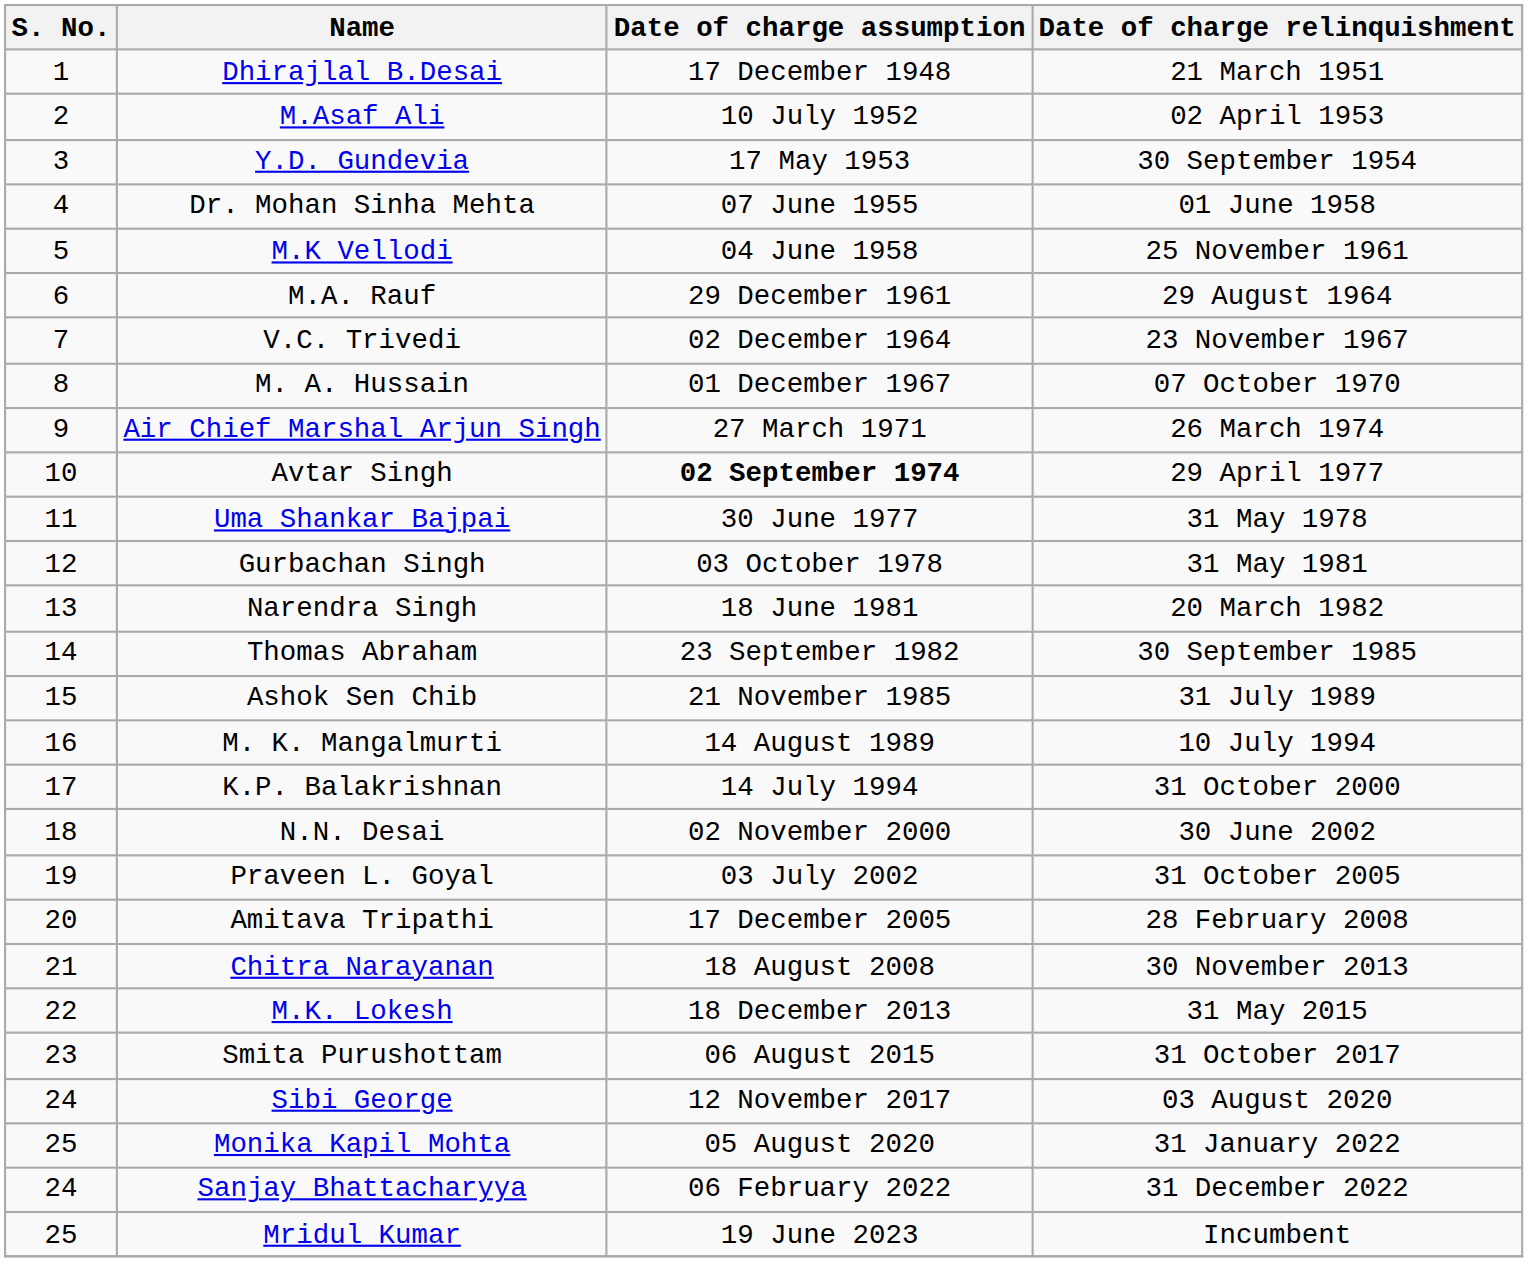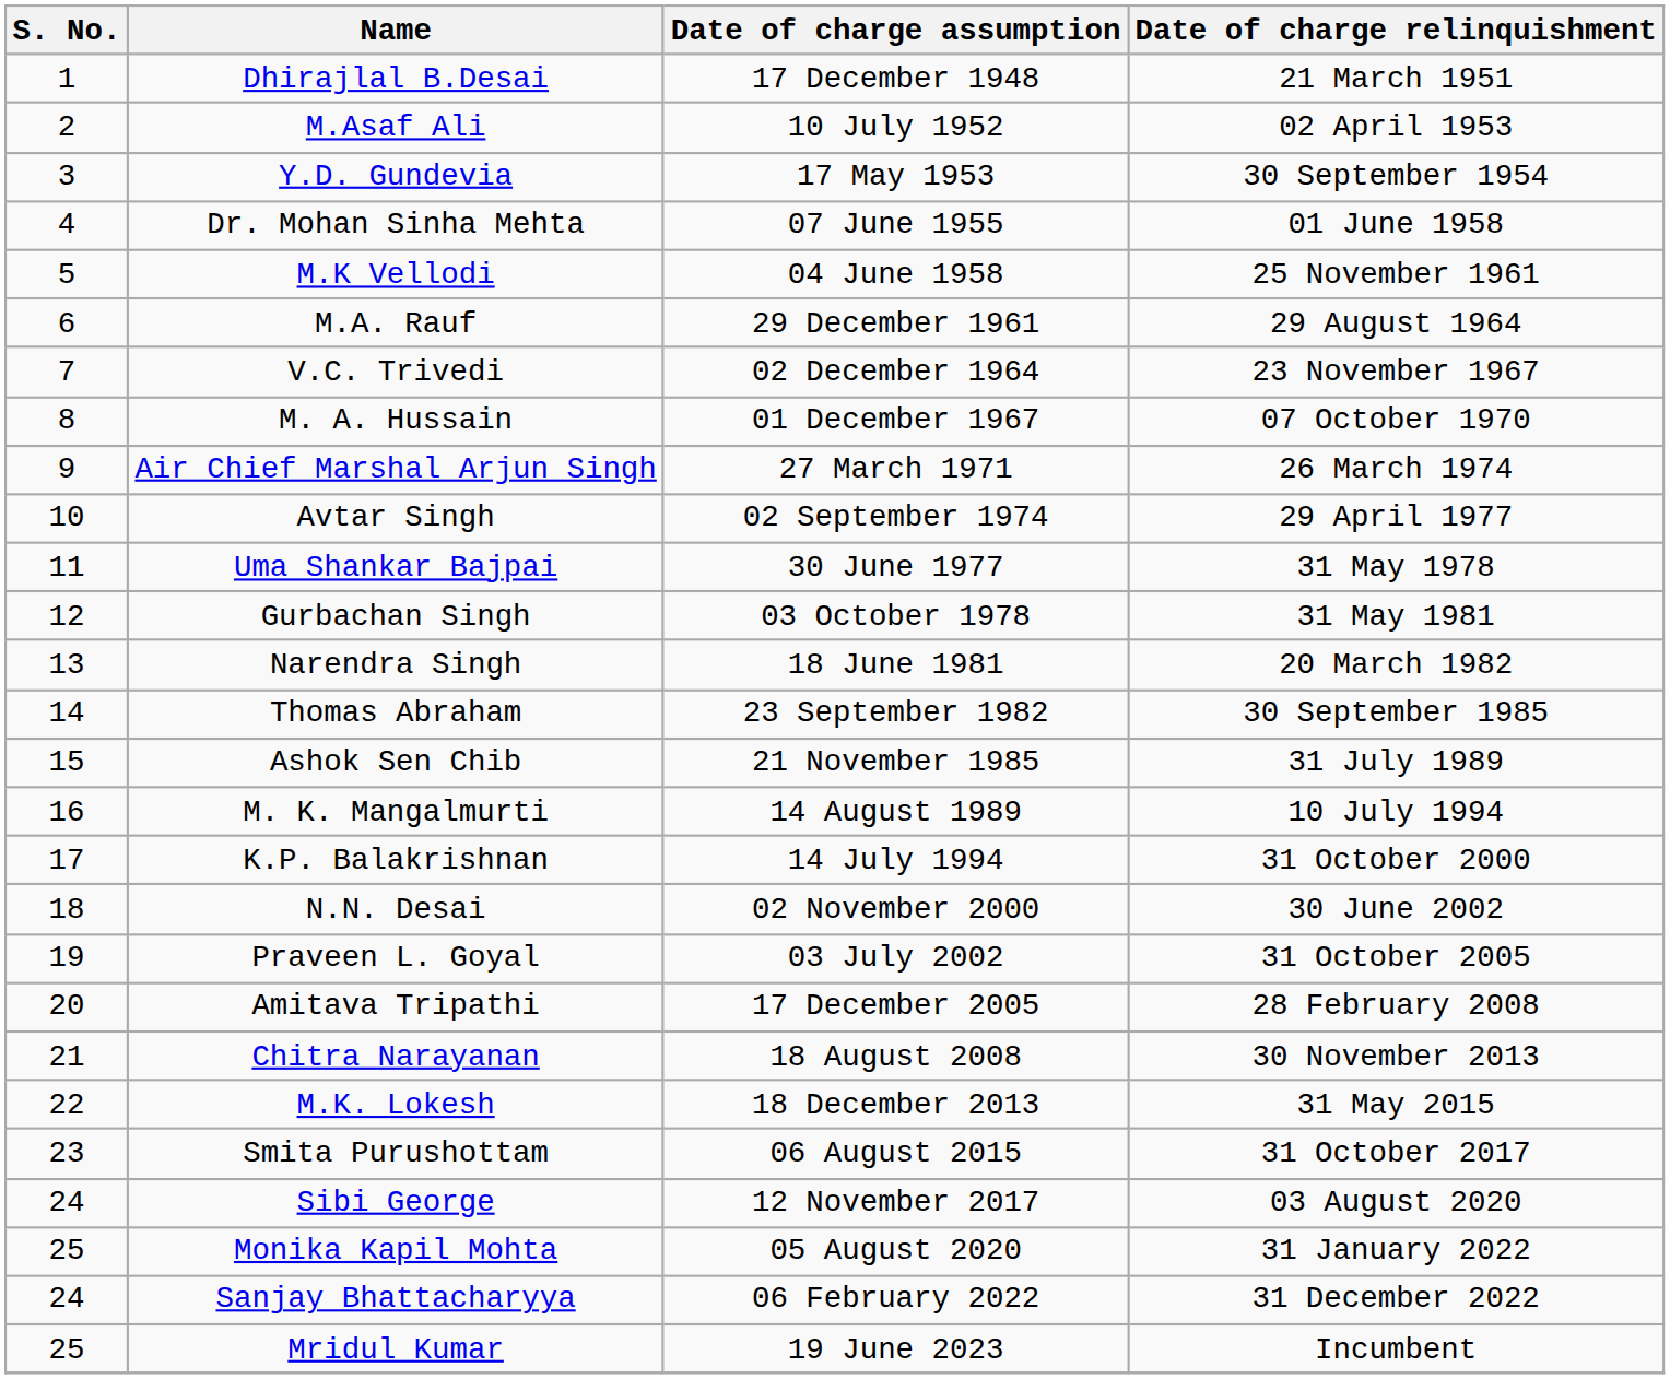 <table class=wikitable style="text-align:center">
 <tr>
 <th>S. No.</th>
 <th>Name</th>
 <th>Date of charge assumption</th>
 <th>Date of charge relinquishment</th>
 </tr>
 <tr>
 <td>1</td>
 <td><a href='#'>Dhirajlal B.Desai</a></td>
 <td>17 December 1948</td>
 <td>21 March 1951</td>
 </tr>
 <tr>
 <td>2</td>
 <td><a href='#'>M.Asaf Ali</a></td>
 <td>10 July 1952</td>
 <td>02 April 1953</td>
 </tr>
 <tr>
 <td>3</td>
 <td><a href='#'>Y.D. Gundevia</a></td>
 <td>17 May 1953</td>
 <td>30 September 1954</td>
 </tr>
 <tr>
 <td>4</td>
 <td>Dr. Mohan Sinha Mehta</td>
 <td>07 June 1955</td>
 <td>01 June 1958</td>
 </tr>
 <tr>
 <td>5</td>
 <td><a href='#'>M.K Vellodi</a></td>
 <td>04 June 1958</td>
 <td>25 November 1961</td>
 </tr>
 <tr>
 <td>6</td>
 <td>M.A. Rauf</td>
 <td>29 December 1961</td>
 <td>29 August 1964</td>
 </tr>
 <tr>
 <td>7</td>
 <td>V.C. Trivedi</td>
 <td>02 December 1964</td>
 <td>23 November 1967</td>
 </tr>
 <tr>
 <td>8</td>
 <td>M. A. Hussain</td>
 <td>01 December 1967</td>
 <td>07 October 1970</td>
 </tr>
 <tr>
 <td>9</td>
 <td><a href='#'>Air Chief Marshal Arjun Singh</a></td>
 <td>27 March 1971</td>
 <td>26 March 1974</td>
 </tr>
 <tr>
 <td>10</td>
 <td>Avtar Singh</td>
-<td><strong>02 September 1974</strong></td>
+<td>02 September 1974</td>
 <td>29 April 1977</td>
 </tr>
 <tr>
 <td>11</td>
 <td><a href='#'>Uma Shankar Bajpai</a></td>
 <td>30 June 1977</td>
 <td>31 May 1978</td>
 </tr>
 <tr>
 <td>12</td>
 <td>Gurbachan Singh</td>
 <td>03 October 1978</td>
 <td>31 May 1981</td>
 </tr>
 <tr>
 <td>13</td>
 <td>Narendra Singh</td>
 <td>18 June 1981</td>
 <td>20 March 1982</td>
 </tr>
 <tr>
 <td>14</td>
 <td>Thomas Abraham</td>
 <td>23 September 1982</td>
 <td>30 September 1985</td>
 </tr>
 <tr>
 <td>15</td>
 <td>Ashok Sen Chib</td>
 <td>21 November 1985</td>
 <td>31 July 1989</td>
 </tr>
 <tr>
 <td>16</td>
 <td>M. K. Mangalmurti</td>
 <td>14 August 1989</td>
 <td>10 July 1994</td>
 </tr>
 <tr>
 <td>17</td>
 <td>K.P. Balakrishnan</td>
 <td>14 July 1994</td>
 <td>31 October 2000</td>
 </tr>
 <tr>
 <td>18</td>
 <td>N.N. Desai</td>
 <td>02 November 2000</td>
 <td>30 June 2002</td>
 </tr>
 <tr>
 <td>19</td>
 <td>Praveen L. Goyal</td>
 <td>03 July 2002</td>
 <td>31 October 2005</td>
 </tr>
 <tr>
 <td>20</td>
 <td>Amitava Tripathi</td>
 <td>17 December 2005</td>
 <td>28 February 2008</td>
 </tr>
 <tr>
 <td>21</td>
 <td><a href='#'>Chitra Narayanan</a></td>
 <td>18 August 2008</td>
 <td>30 November 2013</td>
 </tr>
 <tr>
 <td>22</td>
 <td><a href='#'>M.K. Lokesh</a></td>
 <td>18 December 2013</td>
 <td>31 May 2015</td>
 </tr>
 <tr>
 <td>23</td>
 <td>Smita Purushottam</td>
 <td>06 August 2015</td>
 <td>31 October 2017</td>
 </tr>
 <tr>
 <td>24</td>
 <td><a href='#'>Sibi George</a></td>
 <td>12 November 2017</td>
 <td>03 August 2020</td>
 </tr>
 <tr>
 <td>25</td>
 <td><a href='#'>Monika Kapil Mohta</a></td>
 <td>05 August 2020</td>
 <td>31 January 2022</td>
 </tr>
 <tr>
 <td>24</td>
 <td><a href='#'>Sanjay Bhattacharyya</a></td>
 <td>06 February 2022</td>
 <td>31 December 2022</td>
 </tr>
 <tr>
 <td>25</td>
 <td><a href='#'>Mridul Kumar</a></td>
 <td>19 June 2023</td>
 <td>Incumbent</td>
 </tr>
 <tr>
 </tr>
 </table>
